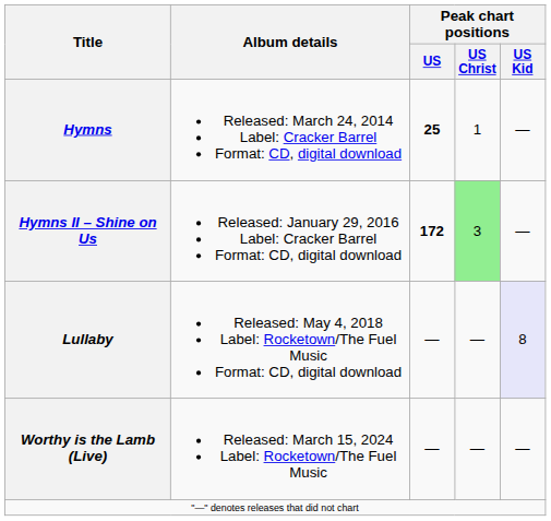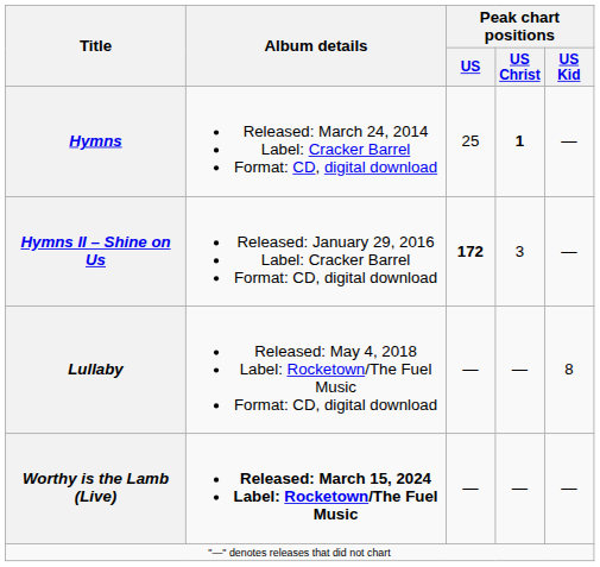 <table class="wikitable plainrowheaders" style="text-align:center;">
 <tr>
 <th scope="col" rowspan="2" style="width:11em;">Title</th>
 <th scope="col" rowspan="2" style="width:16em;">Album details</th>
 <th scope="col" colspan="3">Peak chart positions</th>
 </tr>
 <tr>
 <th style="width:3em; font-size:90%"><a href='#'>US</a><br></th>
 <th style="width:3em; font-size:90%"><a href='#'>US<br>Christ</a><br></th>
 <th style="width:3em; font-size:90%"><a href='#'>US<br>Kid</a><br></th>
 </tr>
 <tr>
 <th scope="row"><em><a href='#'>Hymns</a></em></th>
 <td><br><ul><li>Released: March 24, 2014</li><li>Label: <a href='#'>Cracker Barrel</a></li><li>Format: <a href='#'>CD</a>, <a href='#'>digital download</a></li></ul></td>
-<td><strong>25</strong></td>
-<td>1</td>
+<td>25</td>
+<td><strong>1</strong></td>
 <td>—</td>
 </tr>
 <tr>
 <th scope="row"><em><a href='#'>Hymns II – Shine on Us</a></em></th>
 <td><br><ul><li>Released: January 29, 2016</li><li>Label: Cracker Barrel</li><li>Format: CD, digital download</li></ul></td>
 <td><strong>172</strong></td>
-<td style="background: lightgreen;">3</td>
+<td>3</td>
 <td>—</td>
 </tr>
 <tr>
 <th scope="row"><em>Lullaby</em></th>
 <td><br><ul><li>Released: May 4, 2018</li><li>Label: <a href='#'>Rocketown</a>/The Fuel Music</li><li>Format: CD, digital download</li></ul></td>
 <td>—</td>
 <td>—</td>
-<td style="background: lavender;">8</td>
+<td>8</td>
 </tr>
 <tr>
 <th scope="row"><em>Worthy is the Lamb (Live)</em></th>
-<td><br><ul><li>Released: March 15, 2024</li><li>Label: <a href='#'>Rocketown</a>/The Fuel Music</li></ul></td>
+<td><strong><br><ul><li>Released: March 15, 2024</li><li>Label: <a href='#'>Rocketown</a>/The Fuel Music</li></ul></strong></td>
 <td>—</td>
 <td>—</td>
 <td>—</td>
 </tr>
 <tr>
 <td colspan="10" style="font-size:8pt">"—" denotes releases that did not chart</td>
 </tr>
 </table>
